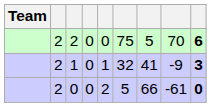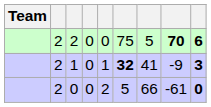 <table class="wikitable" style="text-align: center;">
 <tr>
 <th>Team</th>
 <th></th>
 <th></th>
 <th></th>
 <th></th>
 <th></th>
 <th></th>
 <th></th>
 <th></th>
 </tr>
 <tr bgcolor="ccffcc">
 <td align="left"></td>
 <td>2</td>
 <td>2</td>
 <td>0</td>
 <td>0</td>
 <td>75</td>
 <td>5</td>
-<td>70</td>
+<td><strong>70</strong></td>
 <td><strong>6</strong></td>
 </tr>
 <tr bgcolor="ccccff">
 <td align="left"></td>
 <td>2</td>
 <td>1</td>
 <td>0</td>
 <td>1</td>
-<td>32</td>
+<td><strong>32</strong></td>
 <td>41</td>
 <td>-9</td>
 <td><strong>3</strong></td>
 </tr>
 <tr bgcolor="ccccff">
 <td align="left"></td>
 <td>2</td>
 <td>0</td>
 <td>0</td>
 <td>2</td>
 <td>5</td>
 <td>66</td>
 <td>-61</td>
 <td><strong>0</strong></td>
 </tr>
 </table>
